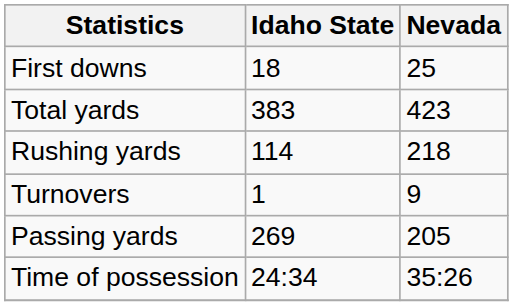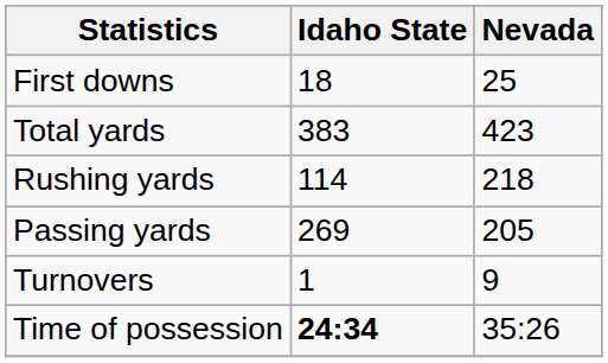 <table class="wikitable">
 <tr>
 <th>Statistics</th>
 <th>Idaho State</th>
 <th>Nevada</th>
 </tr>
 <tr>
 <td>First downs</td>
 <td>18</td>
 <td>25</td>
 </tr>
 <tr>
 <td>Total yards</td>
 <td>383</td>
 <td>423</td>
 </tr>
 <tr>
 <td>Rushing yards</td>
 <td>114</td>
 <td>218</td>
 </tr>
 <tr>
+<td>Passing yards</td>
+<td>269</td>
+<td>205</td>
+</tr>
+<tr>
 <td>Turnovers</td>
 <td>1</td>
 <td>9</td>
 </tr>
 <tr>
-<td>Passing yards</td>
-<td>269</td>
-<td>205</td>
-</tr>
-<tr>
 <td>Time of possession</td>
-<td>24:34</td>
+<td><strong>24:34</strong></td>
 <td>35:26</td>
 </tr>
 <tr>
 </tr>
 </table>
